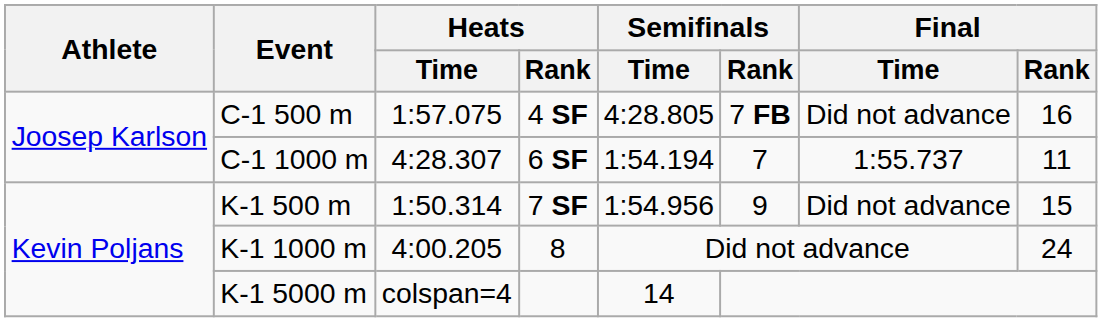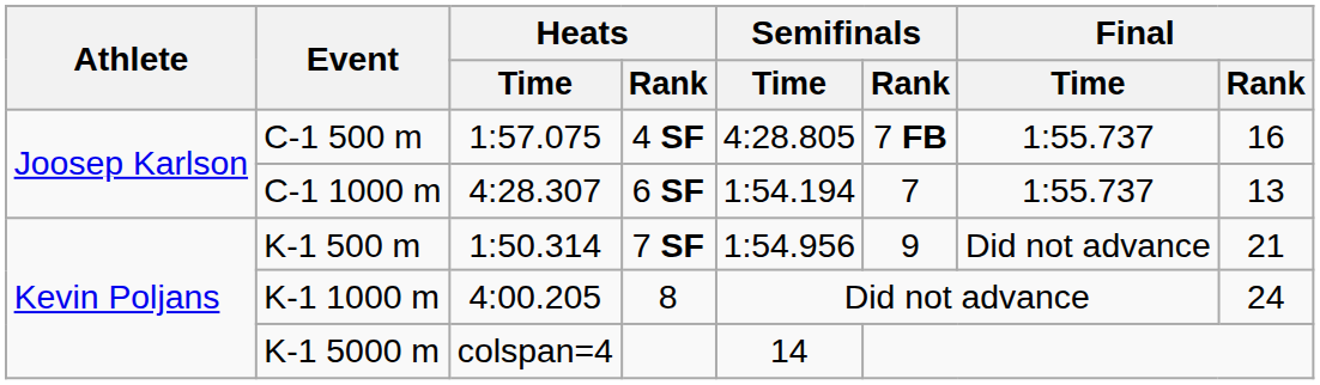 <table class=wikitable style="font-size:90%">
 <tr>
 <th rowspan="2">Athlete</th>
 <th rowspan="2">Event</th>
 <th colspan=2>Heats</th>
 <th colspan=2>Semifinals</th>
 <th colspan=2>Final</th>
 </tr>
 <tr style="font-size:95%">
 <th>Time</th>
 <th>Rank</th>
 <th>Time</th>
 <th>Rank</th>
 <th>Time</th>
 <th>Rank</th>
 </tr>
 <tr align=center>
 <td align=left rowspan=2><a href='#'>Joosep Karlson</a></td>
 <td align=left>C-1 500 m</td>
 <td>1:57.075</td>
 <td>4 <strong>SF</strong></td>
 <td>4:28.805</td>
 <td>7 <strong>FB</strong></td>
-<td>Did not advance</td>
+<td>1:55.737</td>
 <td>16</td>
 </tr>
 <tr align=center>
 <td align=left>C-1 1000 m</td>
 <td>4:28.307</td>
 <td>6 <strong>SF</strong></td>
 <td>1:54.194</td>
 <td>7</td>
 <td>1:55.737</td>
-<td>11</td>
+<td>13</td>
 </tr>
 <tr align=center>
 <td align=left rowspan=3><a href='#'>Kevin Poljans</a></td>
 <td align=left>K-1 500 m</td>
 <td>1:50.314</td>
 <td>7 <strong>SF</strong></td>
 <td>1:54.956</td>
 <td>9</td>
 <td>Did not advance</td>
-<td>15</td>
+<td>21</td>
 </tr>
 <tr align=center>
 <td align=left>K-1 1000 m</td>
 <td>4:00.205</td>
 <td>8</td>
 <td colspan=3>Did not advance</td>
 <td>24</td>
 </tr>
 <tr align=center>
 <td align=left>K-1 5000 m</td>
 <td>colspan=4</td>
 <td></td>
 <td>14</td>
 </tr>
 </table>
